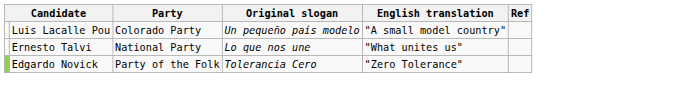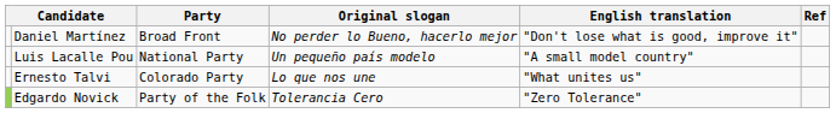 <table class="wikitable" style="font-size:97%; text-align:left;">
 <tr>
 <th colspan="2">Candidate</th>
 <th>Party</th>
 <th>Original slogan</th>
 <th>English translation</th>
 <th>Ref</th>
 </tr>
 <tr>
 <td style="background:"></td>
+<td>Daniel Martínez</td>
+<td>Broad Front</td>
+<td><em>No perder lo Bueno, hacerlo mejor</em></td>
+<td>"Don't lose what is good, improve it"</td>
+<td></td>
+</tr>
+<tr>
+<td style="background:"></td>
 <td>Luis Lacalle Pou</td>
-<td>Colorado Party</td>
+<td>National Party</td>
 <td><em>Un pequeño país modelo</em></td>
 <td>"A small model country"</td>
 <td></td>
 </tr>
 <tr>
 <td style="background:"></td>
 <td>Ernesto Talvi</td>
-<td>National Party</td>
+<td>Colorado Party</td>
 <td><em>Lo que nos une</em></td>
 <td>"What unites us"</td>
 <td></td>
 </tr>
 <tr>
 <td style="background:#92D050"></td>
 <td>Edgardo Novick</td>
 <td>Party of the Folk</td>
 <td><em>Tolerancia Cero</em></td>
 <td>"Zero Tolerance"</td>
 <td></td>
 </tr>
 </table>
